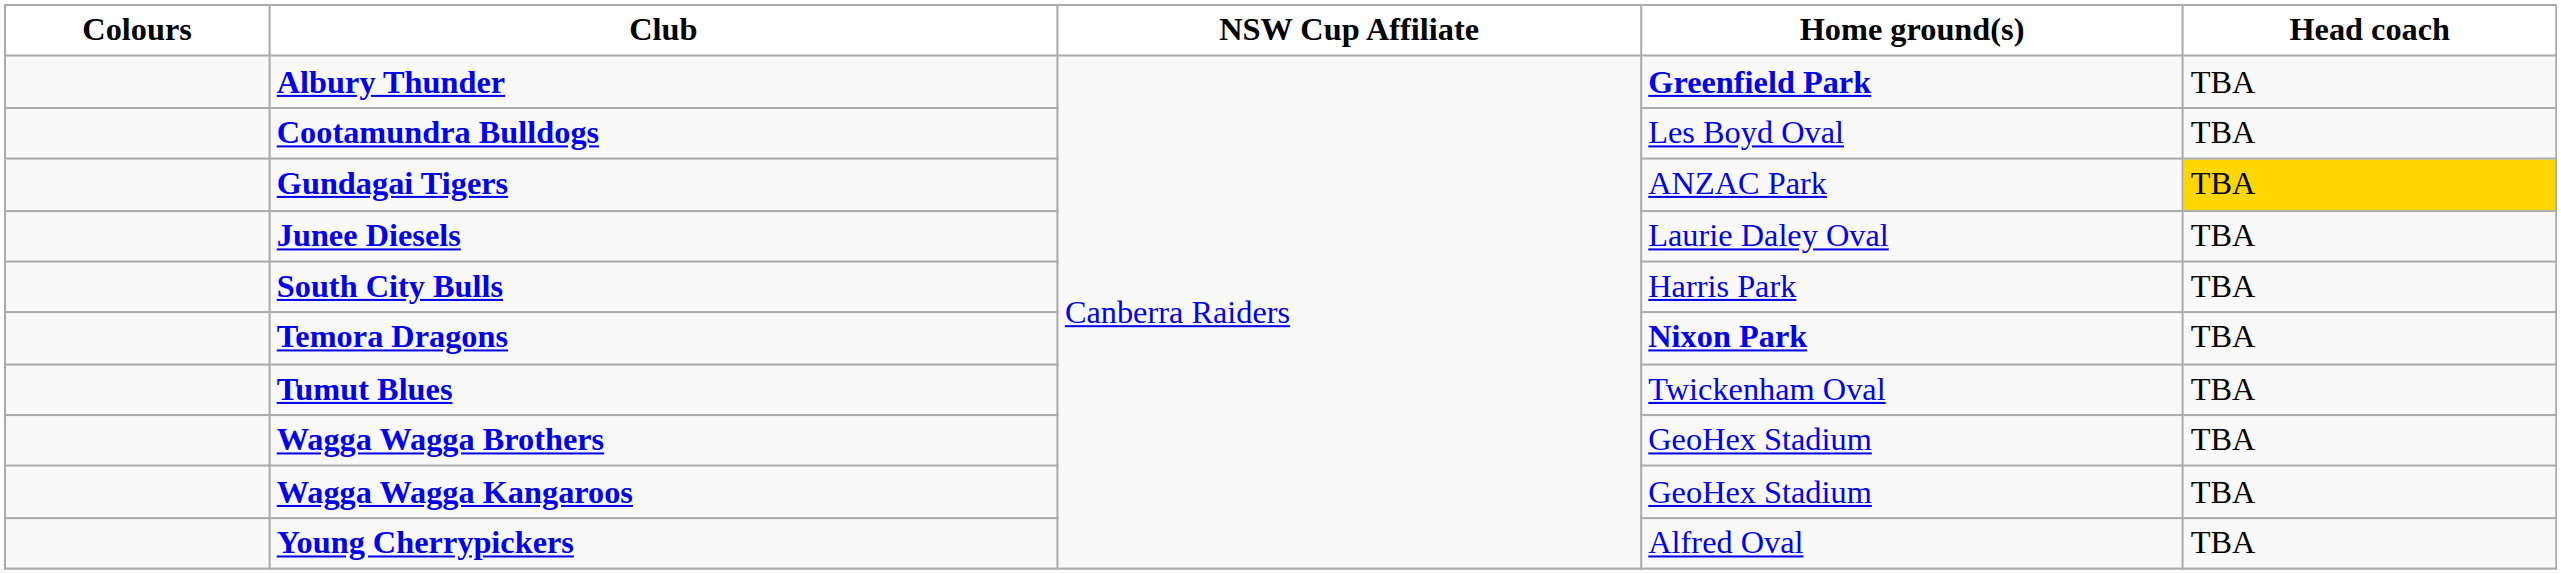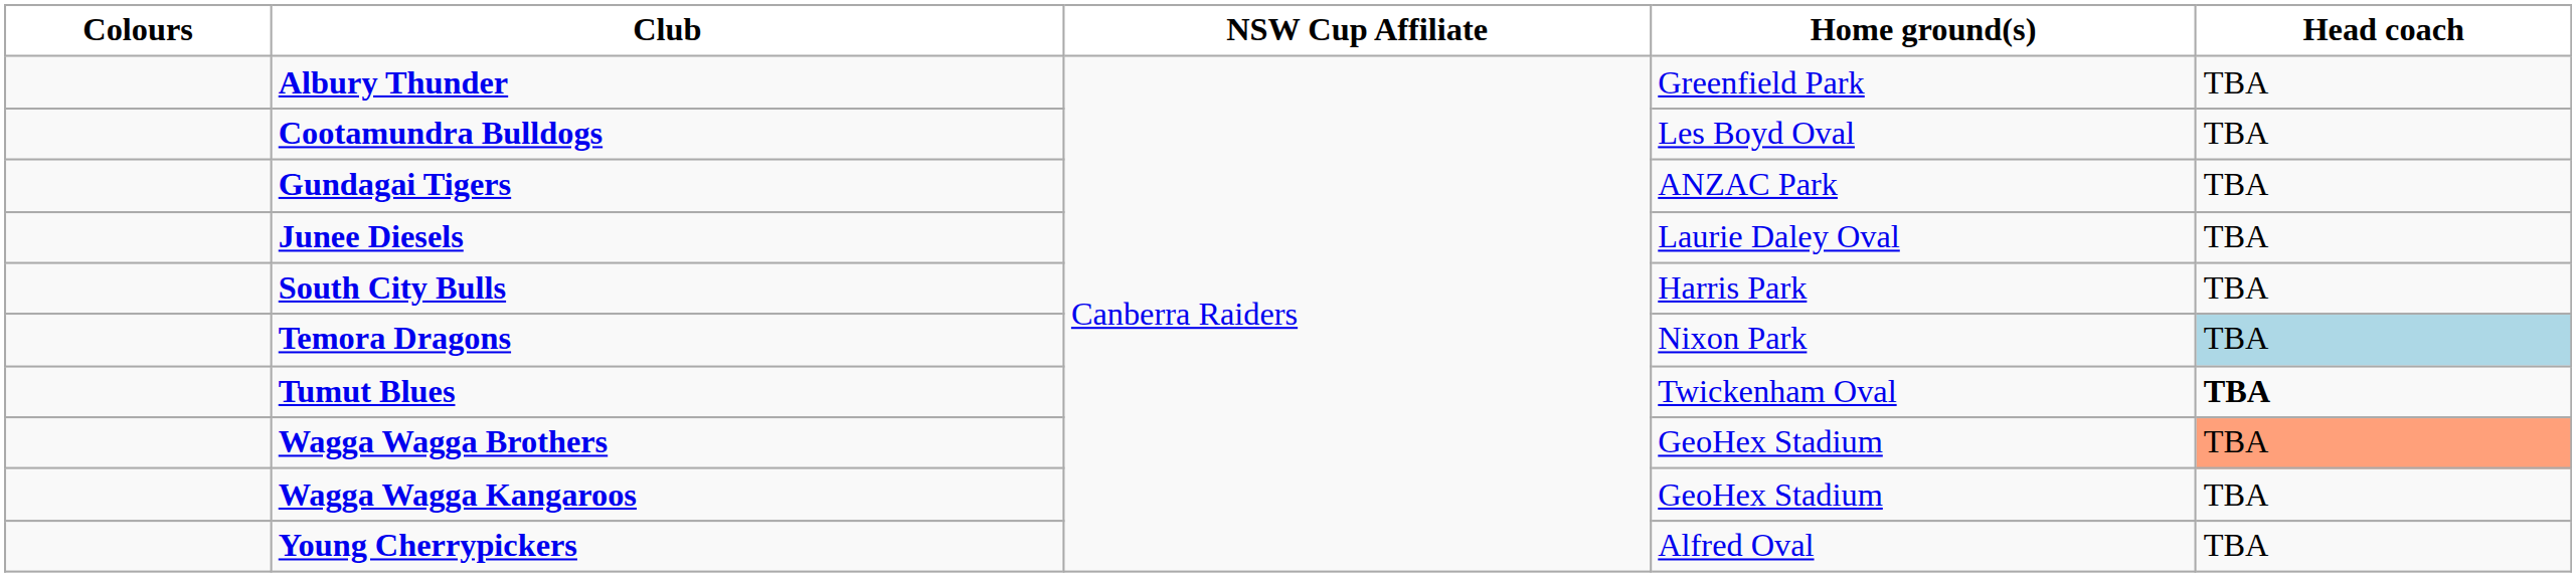 <table class="wikitable" style="width:100%; ">
 <tr>
 <th style="background:white">Colours</th>
 <th style="background:white">Club</th>
 <th style="background:white">NSW Cup Affiliate</th>
 <th style="background:white">Home ground(s)</th>
 <th style="background:white">Head coach</th>
 </tr>
 <tr>
 <td></td>
 <td><strong><a href='#'>Albury Thunder</a></strong></td>
 <td rowspan="10"> <a href='#'>Canberra Raiders</a></td>
-<td><strong><a href='#'>Greenfield Park</a></strong></td>
+<td><a href='#'>Greenfield Park</a></td>
 <td>TBA</td>
 </tr>
 <tr>
 <td></td>
 <td><strong><a href='#'>Cootamundra Bulldogs</a></strong></td>
 <td><a href='#'>Les Boyd Oval</a></td>
 <td>TBA</td>
 </tr>
 <tr>
 <td></td>
 <td><strong><a href='#'>Gundagai Tigers</a></strong></td>
 <td><a href='#'>ANZAC Park</a></td>
-<td style="background: gold;">TBA</td>
+<td>TBA</td>
 </tr>
 <tr>
 <td></td>
 <td><strong><a href='#'>Junee Diesels</a></strong></td>
 <td><a href='#'>Laurie Daley Oval</a></td>
 <td>TBA</td>
 </tr>
 <tr>
 <td></td>
 <td><strong><a href='#'>South City Bulls</a></strong></td>
 <td><a href='#'>Harris Park</a></td>
 <td>TBA</td>
 </tr>
 <tr>
 <td></td>
 <td><strong><a href='#'>Temora Dragons</a></strong></td>
-<td><strong><a href='#'>Nixon Park</a></strong></td>
-<td>TBA</td>
+<td><a href='#'>Nixon Park</a></td>
+<td style="background: lightblue;">TBA</td>
 </tr>
 <tr>
 <td></td>
 <td><strong><a href='#'>Tumut Blues</a></strong></td>
 <td><a href='#'>Twickenham Oval</a></td>
-<td>TBA</td>
+<td><strong>TBA</strong></td>
 </tr>
 <tr>
 <td></td>
 <td><strong><a href='#'>Wagga Wagga Brothers</a></strong></td>
 <td><a href='#'>GeoHex Stadium</a></td>
-<td>TBA</td>
+<td style="background: lightsalmon;">TBA</td>
 </tr>
 <tr>
 <td></td>
 <td><strong><a href='#'>Wagga Wagga Kangaroos</a></strong></td>
 <td><a href='#'>GeoHex Stadium</a></td>
 <td>TBA</td>
 </tr>
 <tr>
 <td></td>
 <td><strong><a href='#'>Young Cherrypickers</a></strong></td>
 <td><a href='#'>Alfred Oval</a></td>
 <td>TBA</td>
 </tr>
 </table>
